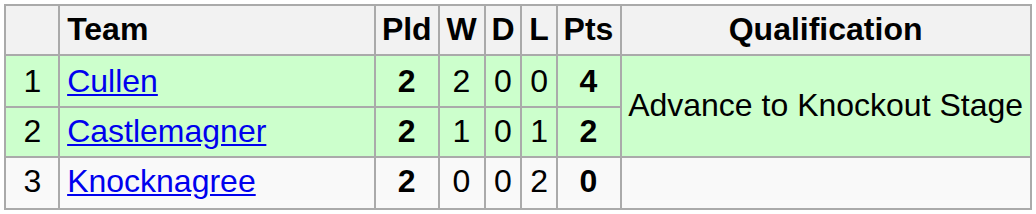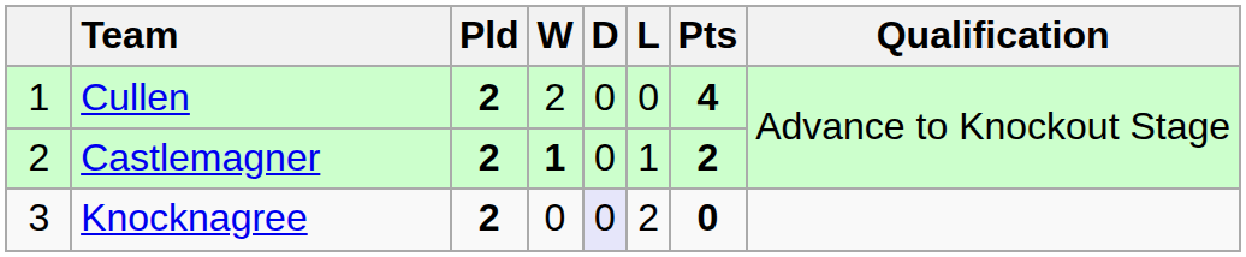 <table class="wikitable" style="text-align:center">
 <tr>
 <th width="20"></th>
 <th width="150" style="text-align:left;">Team</th>
 <th>Pld</th>
 <th>W</th>
 <th>D</th>
 <th>L</th>
 <th>Pts</th>
 <th>Qualification</th>
 </tr>
 <tr style="background:#ccffcc">
 <td>1</td>
 <td align="left"> <a href='#'>Cullen</a></td>
 <td><strong>2</strong></td>
 <td>2</td>
 <td>0</td>
 <td>0</td>
 <td><strong>4</strong></td>
 <td rowspan="2">Advance to Knockout Stage</td>
 </tr>
 <tr style="background:#ccffcc">
 <td>2</td>
 <td align="left"> <a href='#'>Castlemagner</a></td>
 <td><strong>2</strong></td>
-<td>1</td>
+<td><strong>1</strong></td>
 <td>0</td>
 <td>1</td>
 <td><strong>2</strong></td>
 </tr>
 <tr>
 <td>3</td>
 <td align="left"> <a href='#'>Knocknagree</a></td>
 <td><strong>2</strong></td>
 <td>0</td>
-<td>0</td>
+<td style="background: lavender;">0</td>
 <td>2</td>
 <td><strong>0</strong></td>
 <td></td>
 </tr>
 </table>
